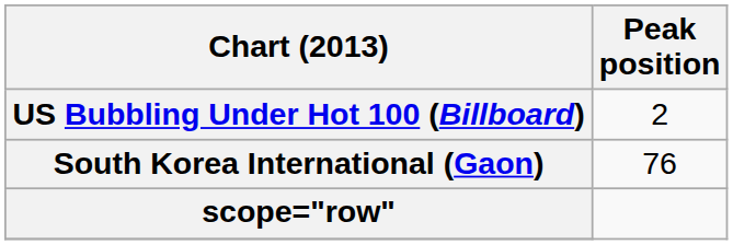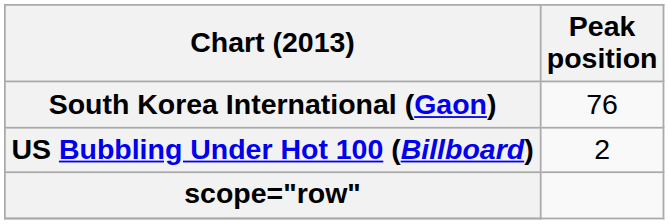 <table class="wikitable sortable plainrowheaders">
 <tr>
 <th scope="col">Chart (2013)</th>
 <th scope="col">Peak<br>position</th>
 </tr>
 <tr>
+<th scope="row">South Korea International (<a href='#'>Gaon</a>)</th>
+<td style="text-align:center;">76</td>
+</tr>
+<tr>
 <th scope="row">US <a href='#'>Bubbling Under Hot 100</a> (<em><a href='#'>Billboard</a></em>)</th>
 <td style="text-align:center;">2</td>
-</tr>
-<tr>
-<th scope="row">South Korea International (<a href='#'>Gaon</a>)</th>
-<td style="text-align:center;">76</td>
 </tr>
 <tr>
 <th>scope="row"</th>
 </tr>
 <tr>
 </tr>
 </table>
